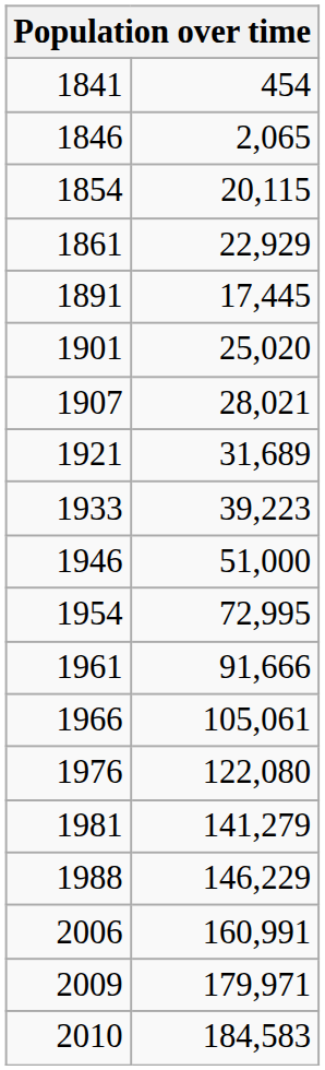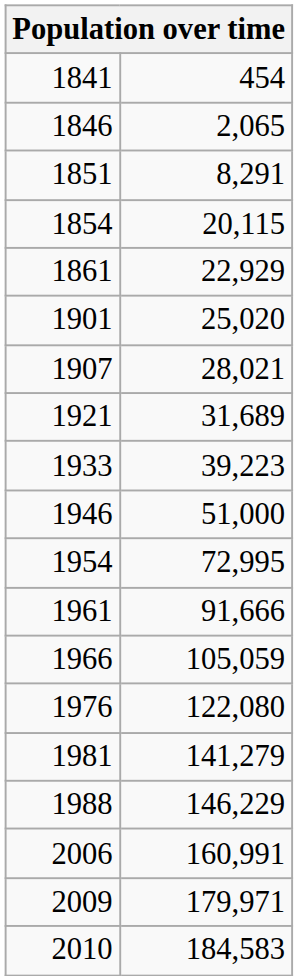 <table class="wikitable" style="float:right; clear: right; margin:7px; text-size:80%; text-align:right">
 <tr>
 <th style="text-align:center;" colspan="2">Population over time</th>
 </tr>
 <tr>
 <td>1841</td>
 <td>454</td>
 </tr>
 <tr>
 <td>1846</td>
 <td>2,065</td>
 </tr>
 <tr>
+<td>1851</td>
+<td>8,291</td>
+</tr>
+<tr>
 <td>1854</td>
 <td>20,115</td>
 </tr>
 <tr>
 <td>1861</td>
 <td>22,929</td>
-</tr>
-<tr>
-<td>1891</td>
-<td>17,445</td>
 </tr>
 <tr>
 <td>1901</td>
 <td>25,020</td>
 </tr>
 <tr>
 <td>1907</td>
 <td>28,021</td>
 </tr>
 <tr>
 <td>1921</td>
 <td>31,689</td>
 </tr>
 <tr>
 <td>1933</td>
 <td>39,223</td>
 </tr>
 <tr>
 <td>1946</td>
 <td>51,000</td>
 </tr>
 <tr>
 <td>1954</td>
 <td>72,995</td>
 </tr>
 <tr>
 <td>1961</td>
 <td>91,666</td>
 </tr>
 <tr>
 <td>1966</td>
-<td>105,061</td>
+<td>105,059</td>
 </tr>
 <tr>
 <td>1976</td>
 <td>122,080</td>
 </tr>
 <tr>
 <td>1981</td>
 <td>141,279</td>
 </tr>
 <tr>
 <td>1988</td>
 <td>146,229</td>
 </tr>
 <tr>
 <td>2006</td>
 <td>160,991</td>
 </tr>
 <tr>
 <td>2009</td>
 <td>179,971</td>
 </tr>
 <tr>
 <td>2010</td>
 <td>184,583</td>
 </tr>
 </table>
